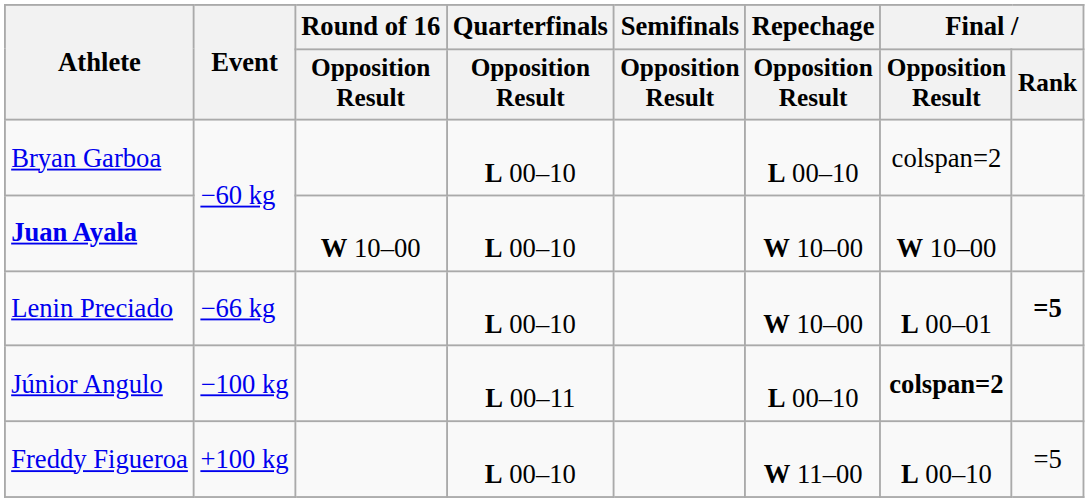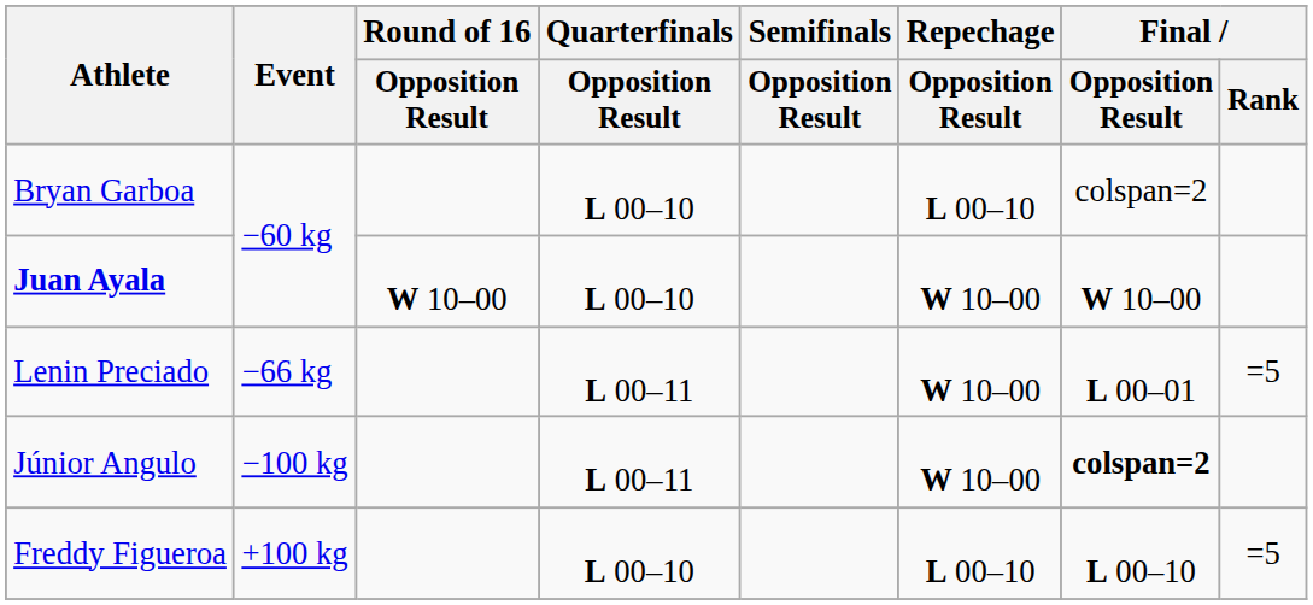 <table class="wikitable" style="font-size:90%">
 <tr>
 <th rowspan=2>Athlete</th>
 <th rowspan=2>Event</th>
 <th>Round of 16</th>
 <th>Quarterfinals</th>
 <th>Semifinals</th>
 <th>Repechage</th>
 <th colspan=2>Final / </th>
 </tr>
 <tr style="font-size:95%">
 <th>Opposition<br>Result</th>
 <th>Opposition<br>Result</th>
 <th>Opposition<br>Result</th>
 <th>Opposition<br>Result</th>
 <th>Opposition<br>Result</th>
 <th>Rank</th>
 </tr>
 <tr align=center>
 <td align=left><a href='#'>Bryan Garboa</a></td>
 <td align=left rowspan=2><a href='#'>−60 kg</a></td>
 <td></td>
 <td><br><strong>L</strong> 00–10</td>
 <td></td>
 <td><br><strong>L</strong> 00–10</td>
 <td>colspan=2 </td>
 </tr>
 <tr align=center>
 <td align=left><strong><a href='#'>Juan Ayala</a></strong></td>
 <td><br><strong>W</strong> 10–00</td>
 <td><br><strong>L</strong> 00–10</td>
 <td></td>
 <td><br><strong>W</strong> 10–00</td>
 <td><br><strong>W</strong> 10–00</td>
 <td></td>
 </tr>
 <tr align=center>
 <td align=left><a href='#'>Lenin Preciado</a></td>
 <td align=left><a href='#'>−66 kg</a></td>
 <td></td>
-<td><br><strong>L</strong> 00–10</td>
+<td><br><strong>L</strong> 00–11</td>
 <td></td>
 <td><br><strong>W</strong> 10–00</td>
 <td><br><strong>L</strong> 00–01</td>
-<td><strong>=5</strong></td>
+<td>=5</td>
 </tr>
 <tr align=center>
 <td align=left><a href='#'>Júnior Angulo</a></td>
 <td align=left><a href='#'>−100 kg</a></td>
 <td></td>
 <td><br><strong>L</strong> 00–11</td>
 <td></td>
-<td><br><strong>L</strong> 00–10</td>
+<td><br><strong>W</strong> 10–00</td>
 <td><strong>colspan=2 </strong></td>
 </tr>
 <tr align=center>
 <td align=left><a href='#'>Freddy Figueroa</a></td>
 <td align=left><a href='#'>+100 kg</a></td>
 <td></td>
 <td><br><strong>L</strong> 00–10</td>
 <td></td>
-<td><br><strong>W</strong> 11–00</td>
+<td><br><strong>L</strong> 00–10</td>
 <td><br><strong>L</strong> 00–10</td>
 <td>=5</td>
 </tr>
 </table>
